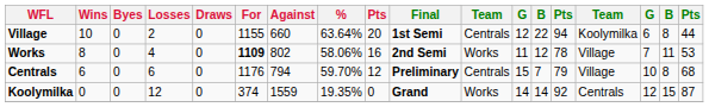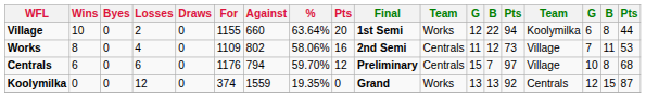 <table class="wikitable">
 <tr>
 <th style="color:crimson">WFL</th>
 <th style="color:crimson">Wins</th>
 <th style="color:crimson">Byes</th>
 <th style="color:crimson">Losses</th>
 <th style="color:crimson">Draws</th>
 <th style="color:crimson">For</th>
 <th style="color:crimson">Against</th>
 <th style="color:crimson">%</th>
 <th style="color:crimson">Pts</th>
 <th style="color:green">Final</th>
 <th style="color:green">Team</th>
 <th style="color:green">G</th>
 <th style="color:green">B</th>
 <th style="color:green">Pts</th>
 <th style="color:green">Team</th>
 <th style="color:green">G</th>
 <th style="color:green">B</th>
 <th style="color:green">Pts</th>
 </tr>
 <tr>
 <td><strong>	Village	</strong></td>
 <td>10</td>
 <td>0</td>
 <td>2</td>
 <td>0</td>
 <td>1155</td>
 <td>660</td>
 <td>63.64%</td>
 <td>20</td>
 <td><strong>1st Semi</strong></td>
-<td>Centrals</td>
+<td>Works</td>
 <td>12</td>
 <td>22</td>
 <td>94</td>
 <td>Koolymilka</td>
 <td>6</td>
 <td>8</td>
 <td>44</td>
 </tr>
 <tr>
 <td><strong>	Works	</strong></td>
 <td>8</td>
 <td>0</td>
 <td>4</td>
 <td>0</td>
-<td><strong>1109</strong></td>
+<td>1109</td>
 <td>802</td>
 <td>58.06%</td>
 <td>16</td>
 <td><strong>2nd Semi</strong></td>
-<td>Works</td>
+<td>Centrals</td>
 <td>11</td>
 <td>12</td>
-<td>78</td>
+<td>73</td>
 <td>Village</td>
 <td>7</td>
 <td>11</td>
 <td>53</td>
 </tr>
 <tr>
 <td><strong>	Centrals	</strong></td>
 <td>6</td>
 <td>0</td>
 <td>6</td>
 <td>0</td>
 <td>1176</td>
 <td>794</td>
 <td>59.70%</td>
 <td>12</td>
 <td><strong>Preliminary</strong></td>
 <td>Centrals</td>
 <td>15</td>
 <td>7</td>
-<td>79</td>
+<td>97</td>
 <td>Village</td>
 <td>10</td>
 <td>8</td>
 <td>68</td>
 </tr>
 <tr>
 <td><strong>	Koolymilka	</strong></td>
 <td>0</td>
 <td>0</td>
 <td>12</td>
 <td>0</td>
 <td>374</td>
 <td>1559</td>
 <td>19.35%</td>
 <td>0</td>
 <td><strong>Grand</strong></td>
 <td>Works</td>
-<td>14</td>
-<td>14</td>
+<td>13</td>
+<td>13</td>
 <td>92</td>
 <td>Centrals</td>
 <td>12</td>
 <td>15</td>
 <td>87</td>
 </tr>
 <tr>
 </tr>
 </table>
